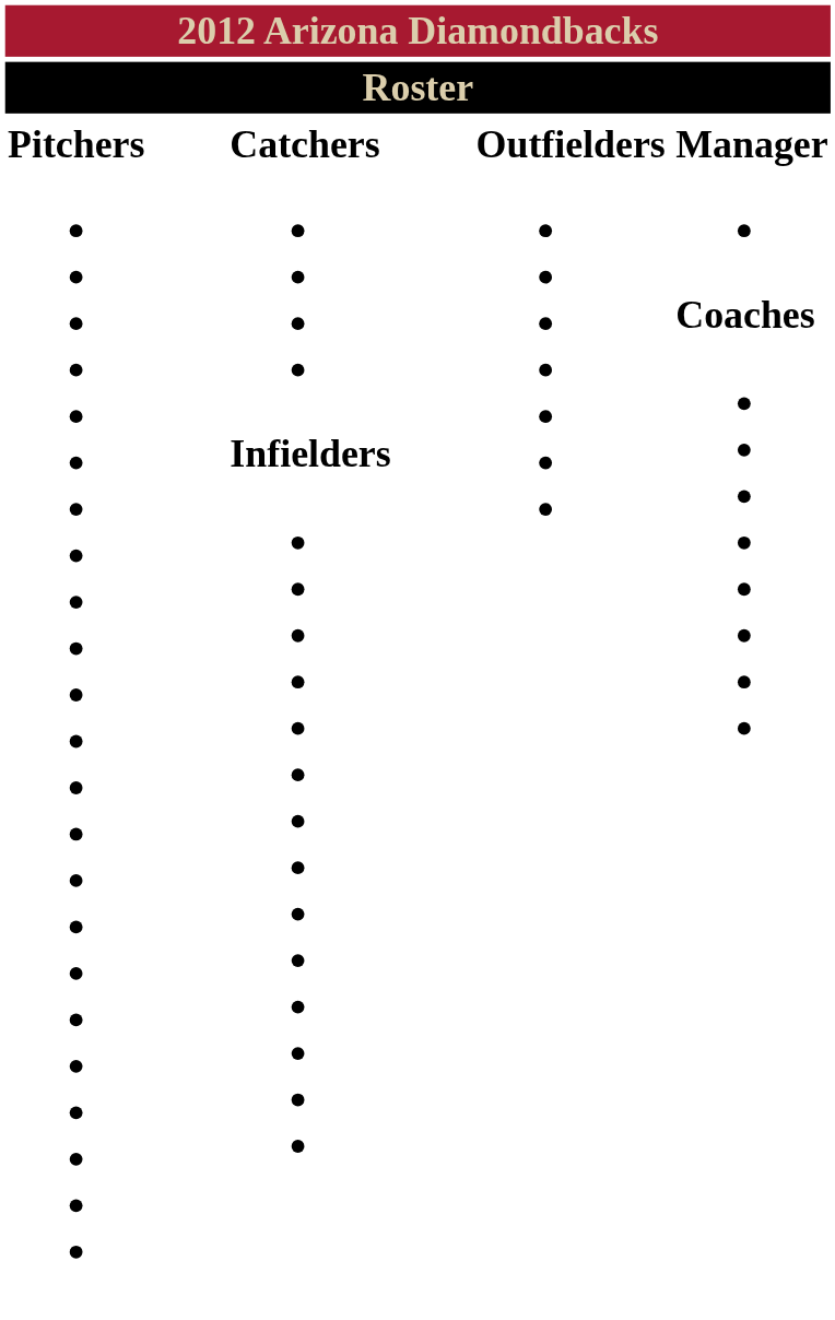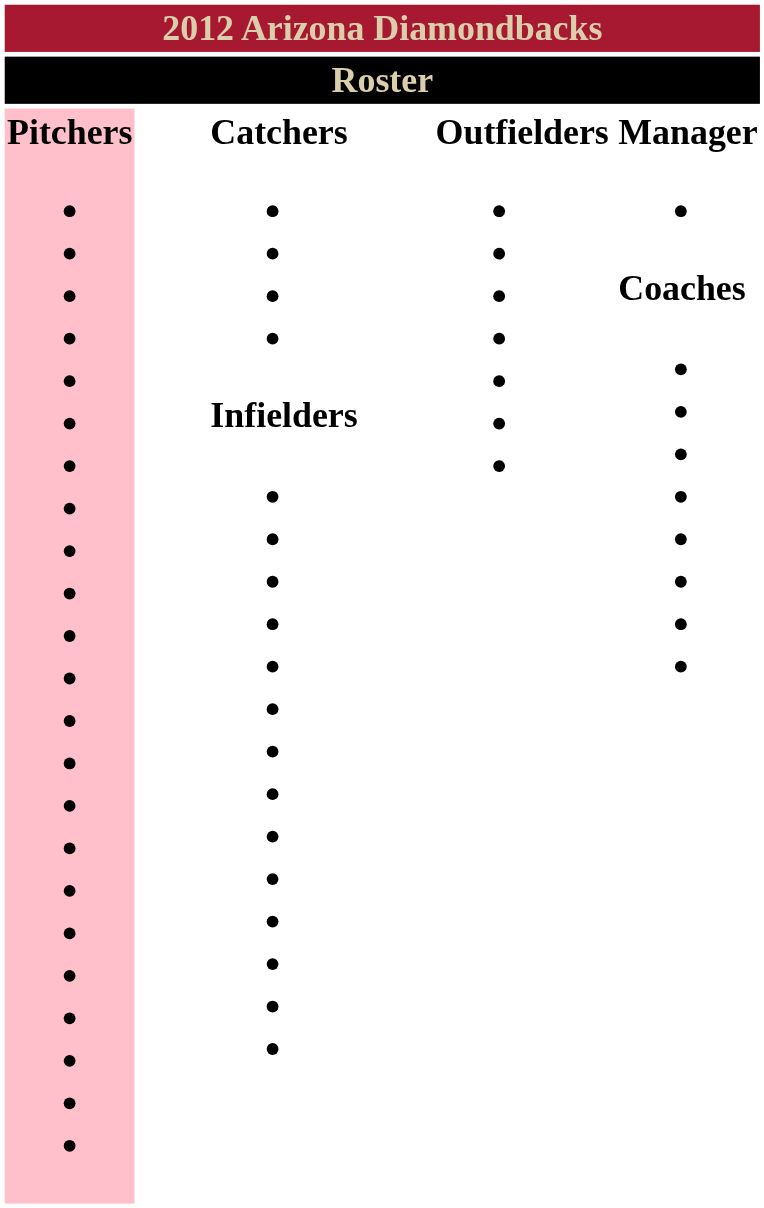 <table class="toccolours" style="font-size: 95%;">
 <tr>
 <th colspan="10" style="background-color: #A71930; color: #DBCEAC; text-align: center;">2012 Arizona Diamondbacks</th>
 </tr>
 <tr>
 <td colspan="10" style="background-color: black; color: #DBCEAC; text-align: center;"><strong>Roster</strong></td>
 </tr>
 <tr>
-<td valign="top"><strong>Pitchers</strong><br><ul><li></li><li></li><li></li><li></li><li></li><li></li><li></li><li></li><li></li><li></li><li></li><li></li><li></li><li></li><li></li><li></li><li></li><li></li><li></li><li></li><li></li><li></li><li></li></ul></td>
+<td valign="top" style="background: pink;"><strong>Pitchers</strong><br><ul><li></li><li></li><li></li><li></li><li></li><li></li><li></li><li></li><li></li><li></li><li></li><li></li><li></li><li></li><li></li><li></li><li></li><li></li><li></li><li></li><li></li><li></li><li></li></ul></td>
 <td width="25px"></td>
 <td valign="top"><strong>Catchers</strong><br><ul><li></li><li></li><li></li><li></li></ul><strong>Infielders</strong><ul><li></li><li></li><li></li><li></li><li></li><li></li><li></li><li></li><li></li><li></li><li></li><li></li><li></li><li></li></ul></td>
 <td width="25px"></td>
 <td valign="top"><strong>Outfielders</strong><br><ul><li></li><li></li><li></li><li></li><li></li><li></li><li></li></ul></td>
 <td valign="top"><strong>Manager</strong><br><ul><li></li></ul><strong>Coaches</strong><ul><li> </li><li> </li><li> </li><li> </li><li> </li><li> </li><li> </li><li> </li></ul></td>
 </tr>
 <tr>
 </tr>
 </table>
